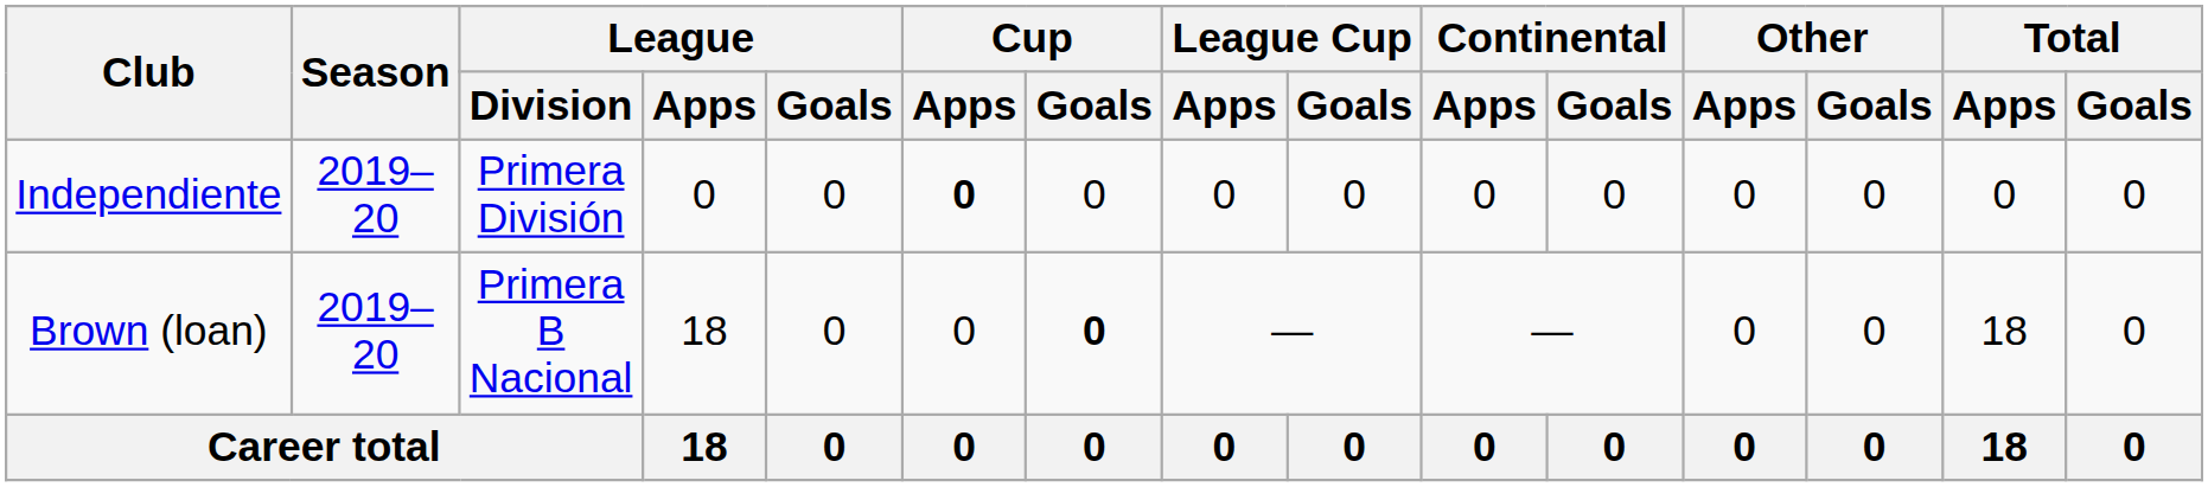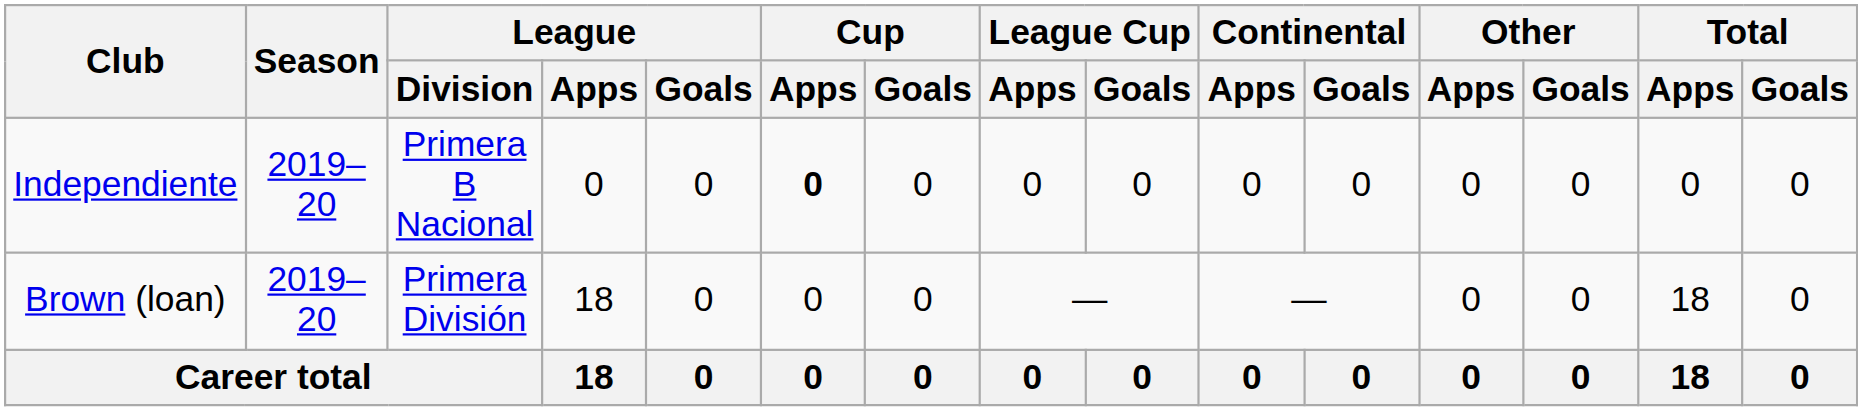 <table class="wikitable" style="text-align:center">
 <tr>
 <th rowspan="2">Club</th>
 <th rowspan="2">Season</th>
 <th colspan="3">League</th>
 <th colspan="2">Cup</th>
 <th colspan="2">League Cup</th>
 <th colspan="2">Continental</th>
 <th colspan="2">Other</th>
 <th colspan="2">Total</th>
 </tr>
 <tr>
 <th>Division</th>
 <th>Apps</th>
 <th>Goals</th>
 <th>Apps</th>
 <th>Goals</th>
 <th>Apps</th>
 <th>Goals</th>
 <th>Apps</th>
 <th>Goals</th>
 <th>Apps</th>
 <th>Goals</th>
 <th>Apps</th>
 <th>Goals</th>
 </tr>
 <tr>
 <td rowspan="1"><a href='#'>Independiente</a></td>
 <td><a href='#'>2019–20</a></td>
-<td rowspan="1"><a href='#'>Primera División</a></td>
+<td rowspan="1"><a href='#'>Primera B Nacional</a></td>
 <td>0</td>
 <td>0</td>
 <td><strong>0</strong></td>
 <td>0</td>
 <td>0</td>
 <td>0</td>
 <td>0</td>
 <td>0</td>
 <td>0</td>
 <td>0</td>
 <td>0</td>
 <td>0</td>
 </tr>
 <tr>
 <td rowspan="1"><a href='#'>Brown</a> (loan)</td>
 <td><a href='#'>2019–20</a></td>
-<td rowspan="1"><a href='#'>Primera B Nacional</a></td>
+<td rowspan="1"><a href='#'>Primera División</a></td>
 <td>18</td>
 <td>0</td>
 <td>0</td>
-<td><strong>0</strong></td>
+<td>0</td>
 <td colspan="2">—</td>
 <td colspan="2">—</td>
 <td>0</td>
 <td>0</td>
 <td>18</td>
 <td>0</td>
 </tr>
 <tr>
 <th colspan="3">Career total</th>
 <th>18</th>
 <th>0</th>
 <th>0</th>
 <th>0</th>
 <th>0</th>
 <th>0</th>
 <th>0</th>
 <th>0</th>
 <th>0</th>
 <th>0</th>
 <th>18</th>
 <th>0</th>
 </tr>
 </table>
